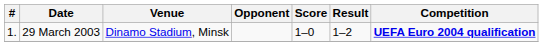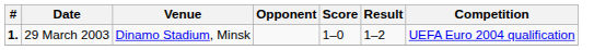 <table class="wikitable">
 <tr>
 <th>#</th>
 <th>Date</th>
 <th>Venue</th>
 <th>Opponent</th>
 <th>Score</th>
 <th>Result</th>
 <th>Competition</th>
 </tr>
 <tr>
-<td>1.</td>
+<td><strong>1.</strong></td>
 <td>29 March 2003</td>
 <td><a href='#'>Dinamo Stadium</a>, Minsk</td>
 <td></td>
 <td>1–0</td>
 <td>1–2</td>
-<td><strong><a href='#'>UEFA Euro 2004 qualification</a></strong></td>
+<td><a href='#'>UEFA Euro 2004 qualification</a></td>
 </tr>
 <tr>
 </tr>
 </table>
